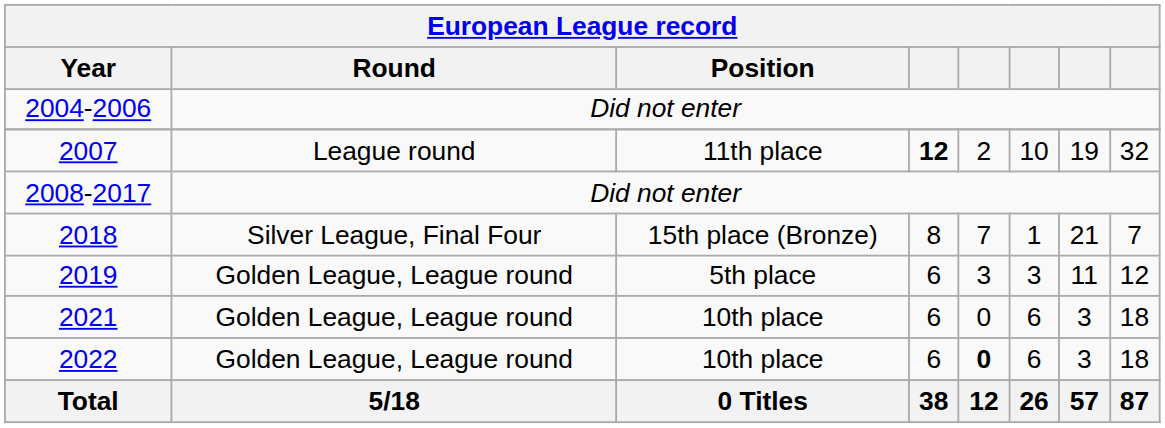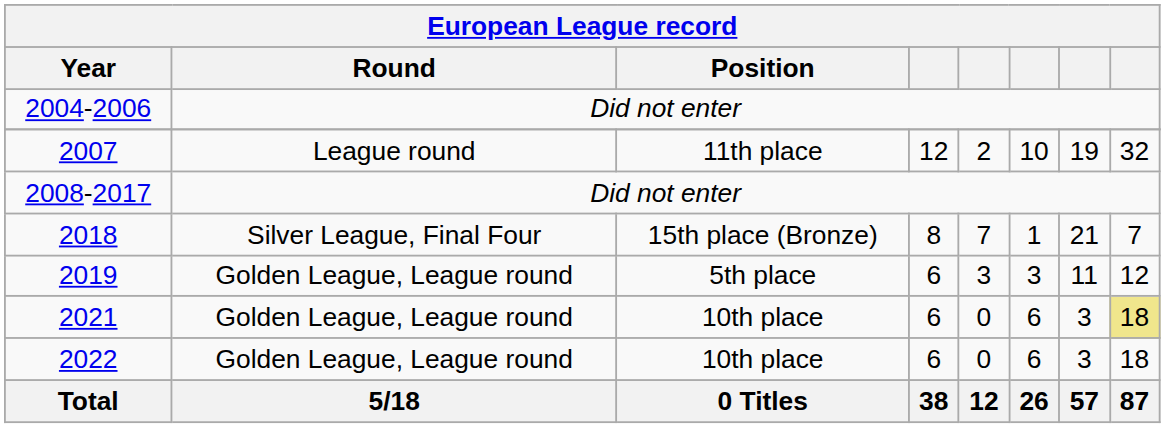 <table class="wikitable" width=50% style="text-align: center;font-size:90%;">
 <tr>
 <th colspan=8><a href='#'>European League record</a></th>
 </tr>
 <tr>
 <th>Year</th>
 <th>Round</th>
 <th>Position</th>
 <th></th>
 <th></th>
 <th></th>
 <th></th>
 <th></th>
 </tr>
 <tr>
 <td><a href='#'>2004</a>-<a href='#'>2006</a></td>
 <td colspan=7 align=center><em>Did not enter</em></td>
 </tr>
 <tr>
 </tr>
 <tr>
 <td> <a href='#'>2007</a></td>
 <td>League round</td>
 <td>11th place</td>
-<td><strong>12</strong></td>
+<td>12</td>
 <td>2</td>
 <td>10</td>
 <td>19</td>
 <td>32</td>
 </tr>
 <tr>
 <td><a href='#'>2008</a>-<a href='#'>2017</a></td>
 <td colspan=7 align=center><em>Did not enter</em></td>
 </tr>
 <tr>
 <td> <a href='#'>2018</a></td>
 <td>Silver League, Final Four</td>
 <td>15th place (Bronze)</td>
 <td>8</td>
 <td>7</td>
 <td>1</td>
 <td>21</td>
 <td>7</td>
 </tr>
 <tr>
 <td> <a href='#'>2019</a></td>
 <td>Golden League, League round</td>
 <td>5th place</td>
 <td>6</td>
 <td>3</td>
 <td>3</td>
 <td>11</td>
 <td>12</td>
 </tr>
 <tr>
 <td> <a href='#'>2021</a></td>
 <td>Golden League, League round</td>
 <td>10th place</td>
 <td>6</td>
 <td>0</td>
 <td>6</td>
 <td>3</td>
-<td>18</td>
+<td style="background: khaki;">18</td>
 </tr>
 <tr>
 <td> <a href='#'>2022</a></td>
 <td>Golden League, League round</td>
 <td>10th place</td>
 <td>6</td>
-<td><strong>0</strong></td>
+<td>0</td>
 <td>6</td>
 <td>3</td>
 <td>18</td>
 </tr>
 <tr>
 <th>Total</th>
 <th>5/18</th>
 <th>0 Titles</th>
 <th>38</th>
 <th>12</th>
 <th>26</th>
 <th>57</th>
 <th>87</th>
 </tr>
 </table>
